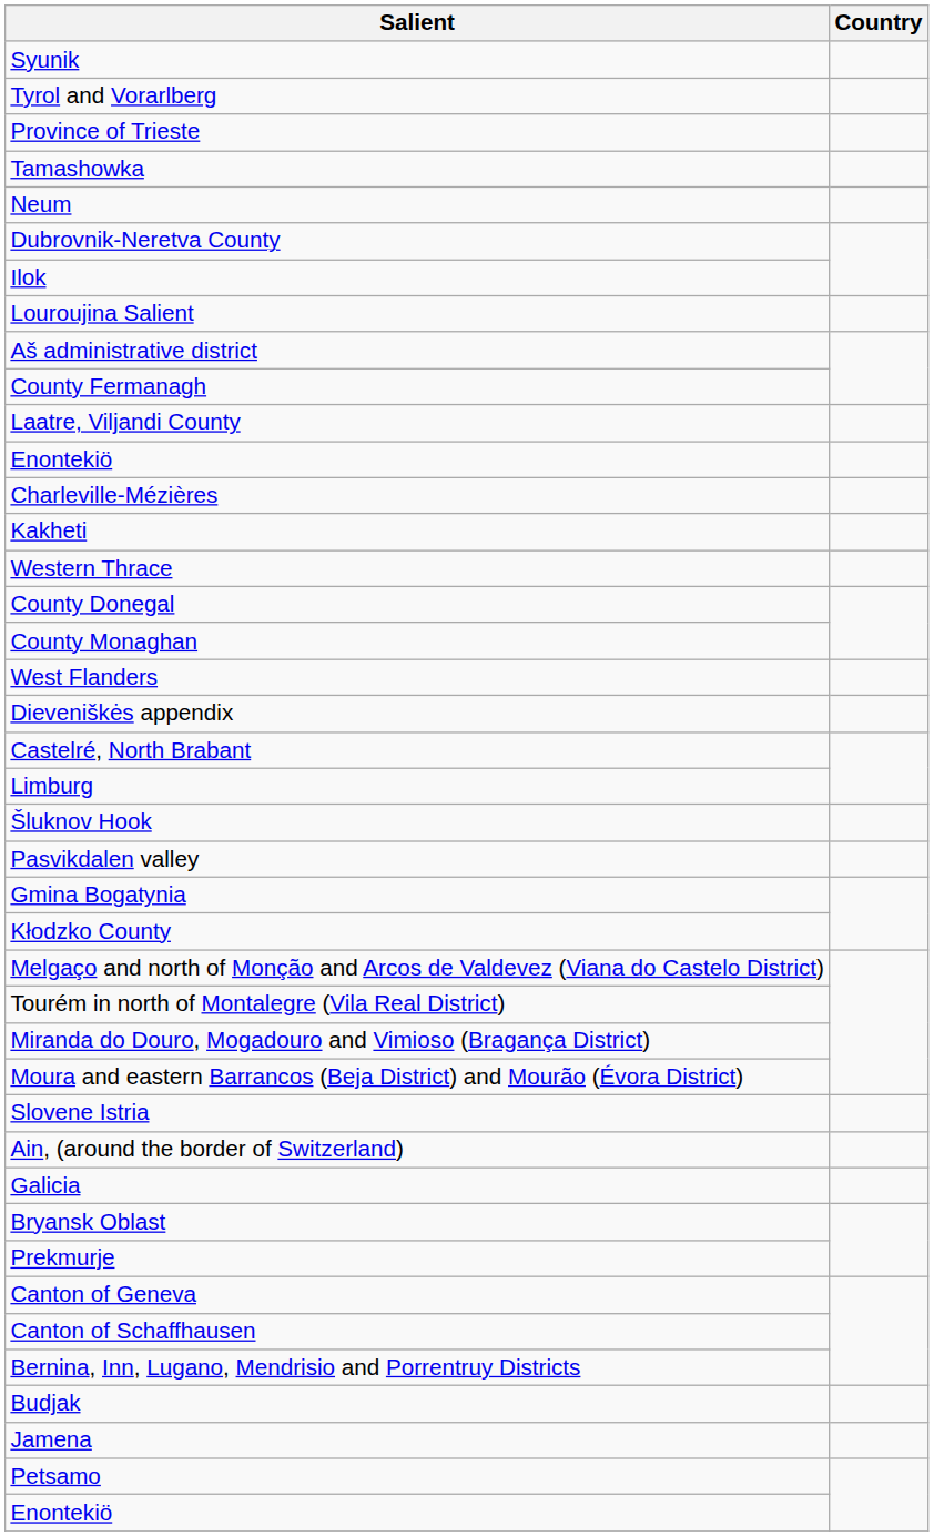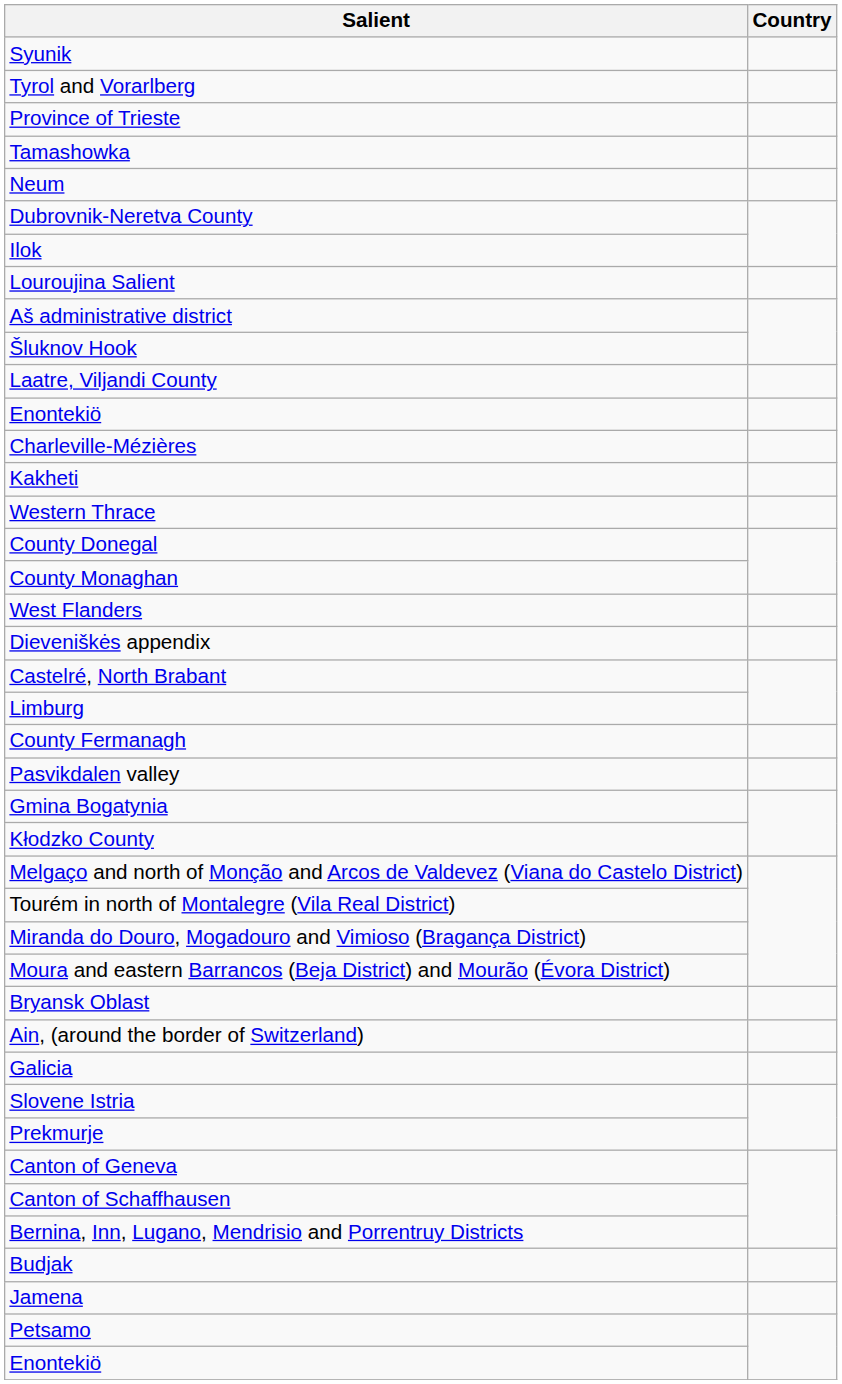 <table class="wikitable sortable">
 <tr>
 <th>Salient</th>
 <th>Country</th>
 </tr>
 <tr>
 <td><a href='#'>Syunik</a></td>
 <td></td>
 </tr>
 <tr>
 <td><a href='#'>Tyrol</a> and <a href='#'>Vorarlberg</a></td>
 <td></td>
 </tr>
 <tr>
 <td><a href='#'>Province of Trieste</a></td>
 <td></td>
 </tr>
 <tr>
 <td><a href='#'>Tamashowka</a></td>
 <td></td>
 </tr>
 <tr>
 <td><a href='#'>Neum</a></td>
 <td></td>
 </tr>
 <tr>
 <td><a href='#'>Dubrovnik-Neretva County</a></td>
 <td rowspan="2"></td>
 </tr>
 <tr>
 <td><a href='#'>Ilok</a></td>
 </tr>
 <tr>
 <td><a href='#'>Louroujina Salient</a></td>
 <td></td>
 </tr>
 <tr>
 <td><a href='#'>Aš administrative district</a></td>
 <td rowspan="2"></td>
 </tr>
 <tr>
-<td><a href='#'>County Fermanagh</a></td>
+<td><a href='#'>Šluknov Hook</a></td>
 </tr>
 <tr>
 <td><a href='#'>Laatre, Viljandi County</a></td>
 <td></td>
 </tr>
 <tr>
 <td><a href='#'>Enontekiö</a></td>
 <td></td>
 </tr>
 <tr>
 <td><a href='#'>Charleville-Mézières</a></td>
 <td></td>
 </tr>
 <tr>
 <td><a href='#'>Kakheti</a></td>
 <td></td>
 </tr>
 <tr>
 <td><a href='#'>Western Thrace</a></td>
 <td></td>
 </tr>
 <tr>
 <td><a href='#'>County Donegal</a></td>
 <td rowspan="2"></td>
 </tr>
 <tr>
 <td><a href='#'>County Monaghan</a></td>
 </tr>
 <tr>
 <td><a href='#'>West Flanders</a></td>
 <td></td>
 </tr>
 <tr>
 <td><a href='#'>Dieveniškės</a> appendix</td>
 <td></td>
 </tr>
 <tr>
 <td><a href='#'>Castelré</a>, <a href='#'>North Brabant</a></td>
 <td rowspan="2"></td>
 </tr>
 <tr>
 <td><a href='#'>Limburg</a></td>
 </tr>
 <tr>
-<td><a href='#'>Šluknov Hook</a></td>
+<td><a href='#'>County Fermanagh</a></td>
 <td></td>
 </tr>
 <tr>
 <td><a href='#'>Pasvikdalen</a> valley</td>
 <td></td>
 </tr>
 <tr>
 <td><a href='#'>Gmina Bogatynia</a></td>
 <td rowspan="2"></td>
 </tr>
 <tr>
 <td><a href='#'>Kłodzko County</a></td>
 </tr>
 <tr>
 <td><a href='#'>Melgaço</a> and north of <a href='#'>Monção</a> and <a href='#'>Arcos de Valdevez</a> (<a href='#'>Viana do Castelo District</a>)</td>
 <td rowspan="4"></td>
 </tr>
 <tr>
 <td>Tourém in north of <a href='#'>Montalegre</a> (<a href='#'>Vila Real District</a>)</td>
 </tr>
 <tr>
 <td><a href='#'>Miranda do Douro</a>, <a href='#'>Mogadouro</a> and <a href='#'>Vimioso</a> (<a href='#'>Bragança District</a>)</td>
 </tr>
 <tr>
 <td><a href='#'>Moura</a> and eastern <a href='#'>Barrancos</a> (<a href='#'>Beja District</a>) and <a href='#'>Mourão</a> (<a href='#'>Évora District</a>)</td>
 </tr>
 <tr>
-<td><a href='#'>Slovene Istria</a></td>
+<td><a href='#'>Bryansk Oblast</a></td>
 <td></td>
 </tr>
 <tr>
 <td><a href='#'>Ain</a>, (around the border of <a href='#'>Switzerland</a>)</td>
 <td></td>
 </tr>
 <tr>
 <td><a href='#'>Galicia</a></td>
 <td></td>
 </tr>
 <tr>
-<td><a href='#'>Bryansk Oblast</a></td>
+<td><a href='#'>Slovene Istria</a></td>
 <td rowspan="2"></td>
 </tr>
 <tr>
 <td><a href='#'>Prekmurje</a></td>
 </tr>
 <tr>
 <td><a href='#'>Canton of Geneva</a></td>
 <td rowspan="3"></td>
 </tr>
 <tr>
 <td><a href='#'>Canton of Schaffhausen</a></td>
 </tr>
 <tr>
 <td><a href='#'>Bernina</a>, <a href='#'>Inn</a>, <a href='#'>Lugano</a>, <a href='#'>Mendrisio</a> and <a href='#'>Porrentruy Districts</a></td>
 </tr>
 <tr>
 <td><a href='#'>Budjak</a></td>
 <td></td>
 </tr>
 <tr>
 <td><a href='#'>Jamena</a></td>
 <td></td>
 </tr>
 <tr>
 <td><a href='#'>Petsamo</a></td>
 <td rowspan="2"></td>
 </tr>
 <tr>
 <td><a href='#'>Enontekiö</a></td>
 </tr>
 </table>
